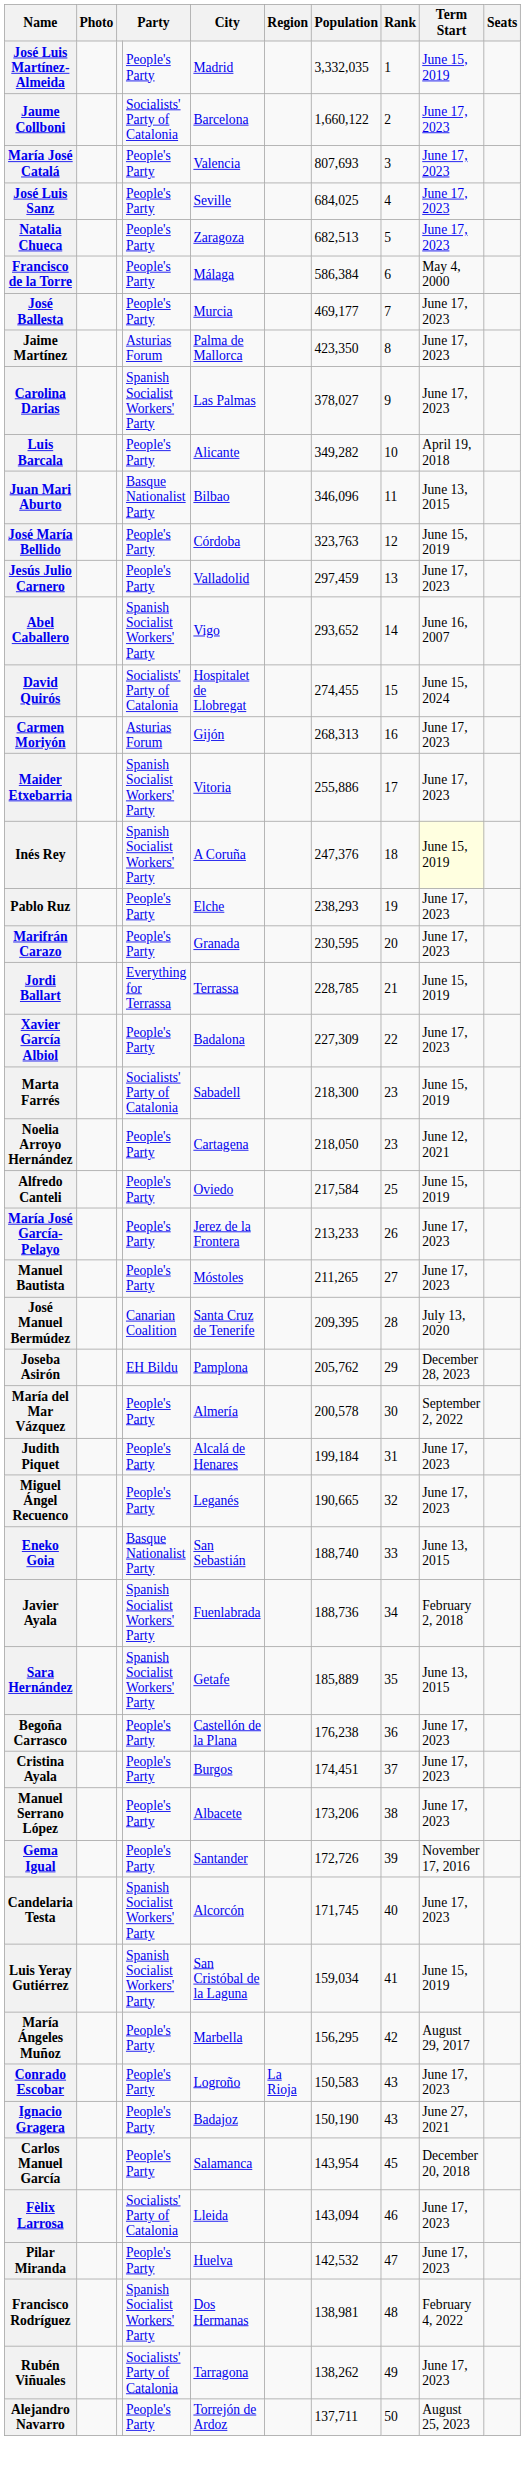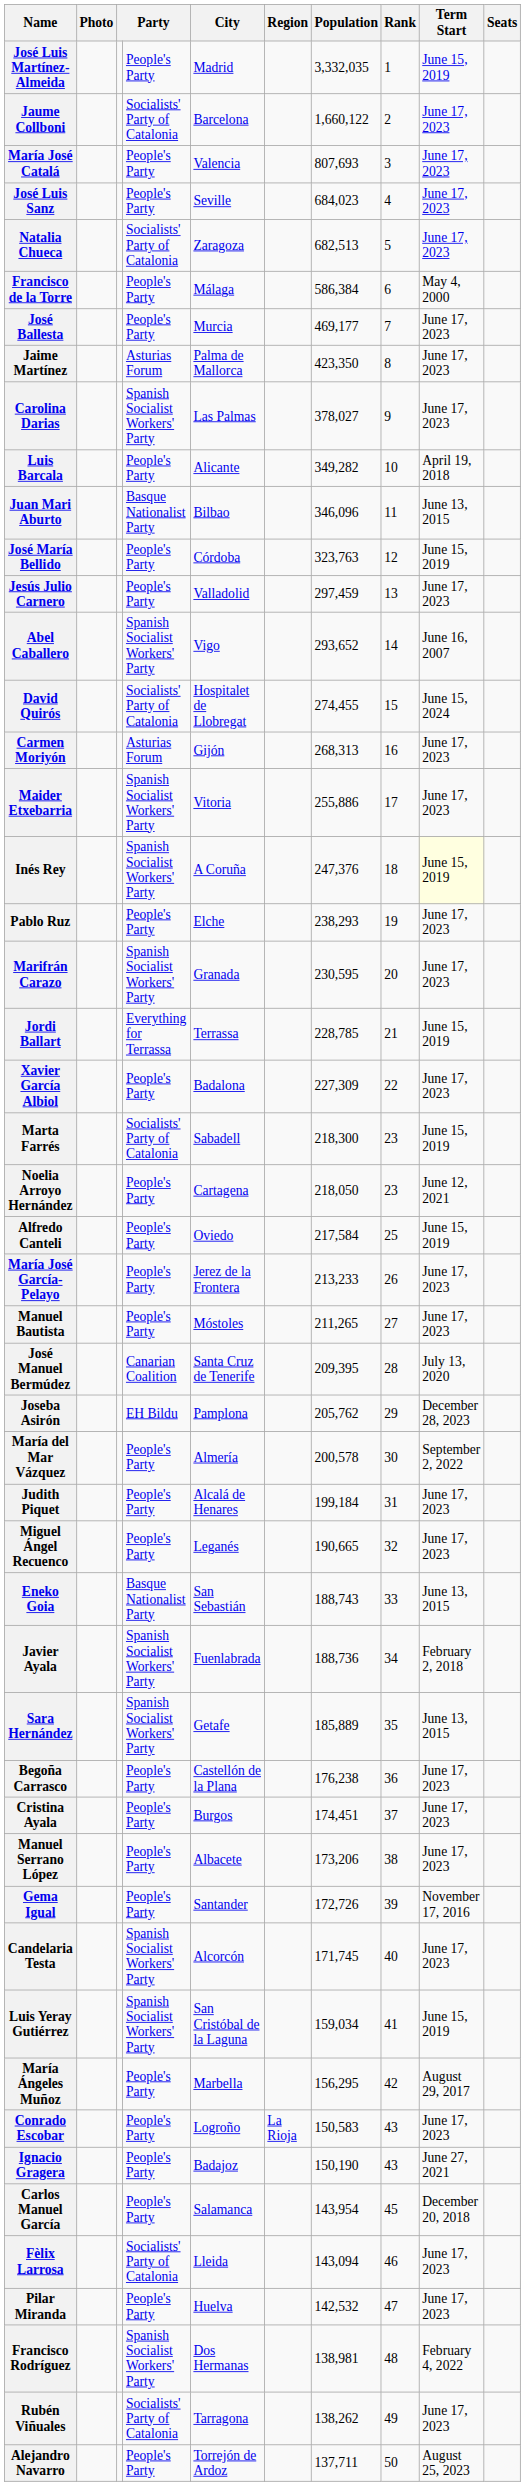 <table class="wikitable plainrowheaders sortable">
 <tr>
 <th>Name</th>
 <th>Photo</th>
 <th colspan="2">Party</th>
 <th>City</th>
 <th>Region</th>
 <th>Population</th>
 <th>Rank</th>
 <th>Term Start</th>
 <th>Seats</th>
 </tr>
 <tr>
 <th scope="row"><a href='#'>José Luis Martínez-Almeida</a></th>
 <td></td>
 <td style="background:"></td>
 <td><a href='#'>People's Party</a></td>
 <td><a href='#'>Madrid</a></td>
 <td></td>
 <td>3,332,035</td>
 <td>1</td>
 <td><a href='#'>June 15, 2019</a></td>
 <td></td>
 </tr>
 <tr>
 <th scope="row"><a href='#'>Jaume Collboni</a></th>
 <td></td>
 <td style="background:"></td>
 <td><a href='#'>Socialists' Party of Catalonia</a></td>
 <td><a href='#'>Barcelona</a></td>
 <td></td>
 <td>1,660,122</td>
 <td>2</td>
 <td><a href='#'>June 17, 2023</a></td>
 <td></td>
 </tr>
 <tr>
 <th scope="row"><a href='#'>María José Catalá</a></th>
 <td></td>
 <td style="background:"></td>
 <td><a href='#'>People's Party</a></td>
 <td><a href='#'>Valencia</a></td>
 <td></td>
 <td>807,693</td>
 <td>3</td>
 <td><a href='#'>June 17, 2023</a></td>
 <td></td>
 </tr>
 <tr>
 <th scope="row"><a href='#'>José Luis Sanz</a></th>
 <td></td>
 <td style="background:"></td>
 <td><a href='#'>People's Party</a></td>
 <td><a href='#'>Seville</a></td>
 <td></td>
-<td>684,025</td>
+<td>684,023</td>
 <td>4</td>
 <td><a href='#'>June 17, 2023</a></td>
 <td></td>
 </tr>
 <tr>
 <th scope="row"><a href='#'>Natalia Chueca</a></th>
 <td></td>
 <td style="background:"></td>
-<td><a href='#'>People's Party</a></td>
+<td><a href='#'>Socialists' Party of Catalonia</a></td>
 <td><a href='#'>Zaragoza</a></td>
 <td></td>
 <td>682,513</td>
 <td>5</td>
 <td><a href='#'>June 17, 2023</a></td>
 <td></td>
 </tr>
 <tr>
 <th scope="row"><a href='#'>Francisco de la Torre</a></th>
 <td></td>
 <td style="background:"></td>
 <td><a href='#'>People's Party</a></td>
 <td><a href='#'>Málaga</a></td>
 <td></td>
 <td>586,384</td>
 <td>6</td>
 <td>May 4, 2000</td>
 <td></td>
 </tr>
 <tr>
 <th scope="row"><a href='#'>José Ballesta</a></th>
 <td></td>
 <td style="background:"></td>
 <td><a href='#'>People's Party</a></td>
 <td><a href='#'>Murcia</a></td>
 <td></td>
 <td>469,177</td>
 <td>7</td>
 <td>June 17, 2023</td>
 <td></td>
 </tr>
 <tr>
 <th scope="row">Jaime Martínez</th>
 <td></td>
 <td style="background:"></td>
 <td><a href='#'>Asturias Forum</a></td>
 <td><a href='#'>Palma de Mallorca</a></td>
 <td></td>
 <td>423,350</td>
 <td>8</td>
 <td>June 17, 2023</td>
 <td></td>
 </tr>
 <tr>
 <th scope="row"><a href='#'>Carolina Darias</a></th>
 <td></td>
 <td style="background:"></td>
 <td><a href='#'>Spanish Socialist Workers' Party</a></td>
 <td><a href='#'>Las Palmas</a></td>
 <td></td>
 <td>378,027</td>
 <td>9</td>
 <td>June 17, 2023</td>
 <td></td>
 </tr>
 <tr>
 <th scope="row"><a href='#'>Luis Barcala</a></th>
 <td></td>
 <td style="background:"></td>
 <td><a href='#'>People's Party</a></td>
 <td><a href='#'>Alicante</a></td>
 <td></td>
 <td>349,282</td>
 <td>10</td>
 <td>April 19, 2018</td>
 <td></td>
 </tr>
 <tr>
 <th scope="row"><a href='#'>Juan Mari Aburto</a></th>
 <td></td>
 <td style="background:"></td>
 <td><a href='#'>Basque Nationalist Party</a></td>
 <td><a href='#'>Bilbao</a></td>
 <td></td>
 <td>346,096</td>
 <td>11</td>
 <td>June 13, 2015</td>
 <td></td>
 </tr>
 <tr>
 <th scope="row"><a href='#'>José María Bellido</a></th>
 <td></td>
 <td style="background:"></td>
 <td><a href='#'>People's Party</a></td>
 <td><a href='#'>Córdoba</a></td>
 <td></td>
 <td>323,763</td>
 <td>12</td>
 <td>June 15, 2019</td>
 <td></td>
 </tr>
 <tr>
 <th scope="row"><a href='#'>Jesús Julio Carnero</a></th>
 <td></td>
 <td style="background:"></td>
 <td><a href='#'>People's Party</a></td>
 <td><a href='#'>Valladolid</a></td>
 <td></td>
 <td>297,459</td>
 <td>13</td>
 <td>June 17, 2023</td>
 <td></td>
 </tr>
 <tr>
 <th scope="row"><a href='#'>Abel Caballero</a></th>
 <td></td>
 <td style="background:"></td>
 <td><a href='#'>Spanish Socialist Workers' Party</a></td>
 <td><a href='#'>Vigo</a></td>
 <td></td>
 <td>293,652</td>
 <td>14</td>
 <td>June 16, 2007</td>
 <td></td>
 </tr>
 <tr>
 <th scope="row"><a href='#'>David Quirós</a></th>
 <td></td>
 <td style="background:"></td>
 <td><a href='#'>Socialists' Party of Catalonia</a></td>
 <td><a href='#'>Hospitalet de Llobregat</a></td>
 <td></td>
 <td>274,455</td>
 <td>15</td>
 <td>June 15, 2024</td>
 <td></td>
 </tr>
 <tr>
 <th scope="row"><a href='#'>Carmen Moriyón</a></th>
 <td></td>
 <td style="background:"></td>
 <td><a href='#'>Asturias Forum</a></td>
 <td><a href='#'>Gijón</a></td>
 <td></td>
 <td>268,313</td>
 <td>16</td>
 <td>June 17, 2023</td>
 <td></td>
 </tr>
 <tr>
 <th scope="row"><a href='#'>Maider Etxebarria</a></th>
 <td></td>
 <td style="background:"></td>
 <td><a href='#'>Spanish Socialist Workers' Party</a></td>
 <td><a href='#'>Vitoria</a></td>
 <td></td>
 <td>255,886</td>
 <td>17</td>
 <td>June 17, 2023</td>
 <td></td>
 </tr>
 <tr>
 <th scope="row">Inés Rey</th>
 <td></td>
 <td style="background:"></td>
 <td><a href='#'>Spanish Socialist Workers' Party</a></td>
 <td><a href='#'>A Coruña</a></td>
 <td></td>
 <td>247,376</td>
 <td>18</td>
 <td style="background: lightyellow;">June 15, 2019</td>
 <td></td>
 </tr>
 <tr>
 <th scope="row">Pablo Ruz</th>
 <td></td>
 <td style="background:"></td>
 <td><a href='#'>People's Party</a></td>
 <td><a href='#'>Elche</a></td>
 <td></td>
 <td>238,293</td>
 <td>19</td>
 <td>June 17, 2023</td>
 <td></td>
 </tr>
 <tr>
 <th scope="row"><a href='#'>Marifrán Carazo</a></th>
 <td></td>
 <td style="background:"></td>
-<td><a href='#'>People's Party</a></td>
+<td><a href='#'>Spanish Socialist Workers' Party</a></td>
 <td><a href='#'>Granada</a></td>
 <td></td>
 <td>230,595</td>
 <td>20</td>
 <td>June 17, 2023</td>
 <td></td>
 </tr>
 <tr>
 <th scope="row"><a href='#'>Jordi Ballart</a></th>
 <td></td>
 <td style="background:"></td>
 <td><a href='#'>Everything for Terrassa</a></td>
 <td><a href='#'>Terrassa</a></td>
 <td></td>
 <td>228,785</td>
 <td>21</td>
 <td>June 15, 2019</td>
 <td></td>
 </tr>
 <tr>
 <th scope="row"><a href='#'>Xavier García Albiol</a></th>
 <td></td>
 <td style="background:"></td>
 <td><a href='#'>People's Party</a></td>
 <td><a href='#'>Badalona</a></td>
 <td></td>
 <td>227,309</td>
 <td>22</td>
 <td>June 17, 2023</td>
 <td></td>
 </tr>
 <tr>
 <th scope="row">Marta Farrés</th>
 <td></td>
 <td style="background:"></td>
 <td><a href='#'>Socialists' Party of Catalonia</a></td>
 <td><a href='#'>Sabadell</a></td>
 <td></td>
 <td>218,300</td>
 <td>23</td>
 <td>June 15, 2019</td>
 <td></td>
 </tr>
 <tr>
 <th scope="row">Noelia Arroyo Hernández</th>
 <td></td>
 <td style="background:"></td>
 <td><a href='#'>People's Party</a></td>
 <td><a href='#'>Cartagena</a></td>
 <td></td>
 <td>218,050</td>
 <td>23</td>
 <td>June 12, 2021</td>
 <td></td>
 </tr>
 <tr>
 <th scope="row">Alfredo Canteli</th>
 <td></td>
 <td style="background:"></td>
 <td><a href='#'>People's Party</a></td>
 <td><a href='#'>Oviedo</a></td>
 <td></td>
 <td>217,584</td>
 <td>25</td>
 <td>June 15, 2019</td>
 <td></td>
 </tr>
 <tr>
 <th scope="row"><a href='#'>María José García-Pelayo</a></th>
 <td></td>
 <td style="background:"></td>
 <td><a href='#'>People's Party</a></td>
 <td><a href='#'>Jerez de la Frontera</a></td>
 <td></td>
 <td>213,233</td>
 <td>26</td>
 <td>June 17, 2023</td>
 <td></td>
 </tr>
 <tr>
 <th scope="row">Manuel Bautista</th>
 <td></td>
 <td style="background:"></td>
 <td><a href='#'>People's Party</a></td>
 <td><a href='#'>Móstoles</a></td>
 <td></td>
 <td>211,265</td>
 <td>27</td>
 <td>June 17, 2023</td>
 <td></td>
 </tr>
 <tr>
 <th scope="row">José Manuel Bermúdez</th>
 <td></td>
 <td style="background:"></td>
 <td><a href='#'>Canarian Coalition</a></td>
 <td><a href='#'>Santa Cruz de Tenerife</a></td>
 <td></td>
 <td>209,395</td>
 <td>28</td>
 <td>July 13, 2020</td>
 <td></td>
 </tr>
 <tr>
 <th scope="row">Joseba Asirón</th>
 <td></td>
 <td style="background:"></td>
 <td><a href='#'>EH Bildu</a></td>
 <td><a href='#'>Pamplona</a></td>
 <td></td>
 <td>205,762</td>
 <td>29</td>
 <td>December 28, 2023</td>
 <td></td>
 </tr>
 <tr>
 <th scope="row">María del Mar Vázquez</th>
 <td></td>
 <td style="background:"></td>
 <td><a href='#'>People's Party</a></td>
 <td><a href='#'>Almería</a></td>
 <td></td>
 <td>200,578</td>
 <td>30</td>
 <td>September 2, 2022</td>
 <td></td>
 </tr>
 <tr>
 <th scope="row">Judith Piquet</th>
 <td></td>
 <td style="background:"></td>
 <td><a href='#'>People's Party</a></td>
 <td><a href='#'>Alcalá de Henares</a></td>
 <td></td>
 <td>199,184</td>
 <td>31</td>
 <td>June 17, 2023</td>
 <td></td>
 </tr>
 <tr>
 <th scope="row">Miguel Ángel Recuenco</th>
 <td></td>
 <td style="background:"></td>
 <td><a href='#'>People's Party</a></td>
 <td><a href='#'>Leganés</a></td>
 <td></td>
 <td>190,665</td>
 <td>32</td>
 <td>June 17, 2023</td>
 <td></td>
 </tr>
 <tr>
 <th scope="row"><a href='#'>Eneko Goia</a></th>
 <td></td>
 <td style="background:"></td>
 <td><a href='#'>Basque Nationalist Party</a></td>
 <td><a href='#'>San Sebastián</a></td>
 <td></td>
-<td>188,740</td>
+<td>188,743</td>
 <td>33</td>
 <td>June 13, 2015</td>
 <td></td>
 </tr>
 <tr>
 <th scope="row">Javier Ayala</th>
 <td></td>
 <td style="background:"></td>
 <td><a href='#'>Spanish Socialist Workers' Party</a></td>
 <td><a href='#'>Fuenlabrada</a></td>
 <td></td>
 <td>188,736</td>
 <td>34</td>
 <td>February 2, 2018</td>
 <td></td>
 </tr>
 <tr>
 <th scope="row"><a href='#'>Sara Hernández</a></th>
 <td></td>
 <td style="background:"></td>
 <td><a href='#'>Spanish Socialist Workers' Party</a></td>
 <td><a href='#'>Getafe</a></td>
 <td></td>
 <td>185,889</td>
 <td>35</td>
 <td>June 13, 2015</td>
 <td></td>
 </tr>
 <tr>
 <th scope="row">Begoña Carrasco</th>
 <td></td>
 <td style="background:"></td>
 <td><a href='#'>People's Party</a></td>
 <td><a href='#'>Castellón de la Plana</a></td>
 <td></td>
 <td>176,238</td>
 <td>36</td>
 <td>June 17, 2023</td>
 <td></td>
 </tr>
 <tr>
 <th scope="row">Cristina Ayala</th>
 <td></td>
 <td style="background:"></td>
 <td><a href='#'>People's Party</a></td>
 <td><a href='#'>Burgos</a></td>
 <td></td>
 <td>174,451</td>
 <td>37</td>
 <td>June 17, 2023</td>
 <td></td>
 </tr>
 <tr>
 <th scope="row">Manuel Serrano López</th>
 <td></td>
 <td style="background:"></td>
 <td><a href='#'>People's Party</a></td>
 <td><a href='#'>Albacete</a></td>
 <td></td>
 <td>173,206</td>
 <td>38</td>
 <td>June 17, 2023</td>
 <td></td>
 </tr>
 <tr>
 <th scope="row"><a href='#'>Gema Igual</a></th>
 <td></td>
 <td style="background:"></td>
 <td><a href='#'>People's Party</a></td>
 <td><a href='#'>Santander</a></td>
 <td></td>
 <td>172,726</td>
 <td>39</td>
 <td>November 17, 2016</td>
 <td></td>
 </tr>
 <tr>
 <th scope="row">Candelaria Testa</th>
 <td></td>
 <td style="background:"></td>
 <td><a href='#'>Spanish Socialist Workers' Party</a></td>
 <td><a href='#'>Alcorcón</a></td>
 <td></td>
 <td>171,745</td>
 <td>40</td>
 <td>June 17, 2023</td>
 <td></td>
 </tr>
 <tr>
 <th scope="row">Luis Yeray Gutiérrez</th>
 <td></td>
 <td style="background:"></td>
 <td><a href='#'>Spanish Socialist Workers' Party</a></td>
 <td><a href='#'>San Cristóbal de la Laguna</a></td>
 <td></td>
 <td>159,034</td>
 <td>41</td>
 <td>June 15, 2019</td>
 <td></td>
 </tr>
 <tr>
 <th scope="row">María Ángeles Muñoz</th>
 <td></td>
 <td style="background:"></td>
 <td><a href='#'>People's Party</a></td>
 <td><a href='#'>Marbella</a></td>
 <td></td>
 <td>156,295</td>
 <td>42</td>
 <td>August 29, 2017</td>
 <td></td>
 </tr>
 <tr>
 <th scope="row"><a href='#'>Conrado Escobar</a></th>
 <td></td>
 <td style="background:"></td>
 <td><a href='#'>People's Party</a></td>
 <td><a href='#'>Logroño</a></td>
 <td> <a href='#'>La Rioja</a></td>
 <td>150,583</td>
 <td>43</td>
 <td>June 17, 2023</td>
 <td></td>
 </tr>
 <tr>
 <th scope="row"><a href='#'>Ignacio Gragera</a></th>
 <td></td>
 <td style="background:"></td>
 <td><a href='#'>People's Party</a></td>
 <td><a href='#'>Badajoz</a></td>
 <td></td>
 <td>150,190</td>
 <td>43</td>
 <td>June 27, 2021</td>
 <td></td>
 </tr>
 <tr>
 <th scope="row">Carlos Manuel García</th>
 <td></td>
 <td style="background:"></td>
 <td><a href='#'>People's Party</a></td>
 <td><a href='#'>Salamanca</a></td>
 <td></td>
 <td>143,954</td>
 <td>45</td>
 <td>December 20, 2018</td>
 <td></td>
 </tr>
 <tr>
 <th scope="row"><a href='#'>Fèlix Larrosa</a></th>
 <td></td>
 <td style="background:"></td>
 <td><a href='#'>Socialists' Party of Catalonia</a></td>
 <td><a href='#'>Lleida</a></td>
 <td></td>
 <td>143,094</td>
 <td>46</td>
 <td>June 17, 2023</td>
 <td></td>
 </tr>
 <tr>
 <th scope="row">Pilar Miranda</th>
 <td></td>
 <td style="background:"></td>
 <td><a href='#'>People's Party</a></td>
 <td><a href='#'>Huelva</a></td>
 <td></td>
 <td>142,532</td>
 <td>47</td>
 <td>June 17, 2023</td>
 <td></td>
 </tr>
 <tr>
 <th scope="row">Francisco Rodríguez</th>
 <td></td>
 <td style="background:"></td>
 <td><a href='#'>Spanish Socialist Workers' Party</a></td>
 <td><a href='#'>Dos Hermanas</a></td>
 <td></td>
 <td>138,981</td>
 <td>48</td>
 <td>February 4, 2022</td>
 <td></td>
 </tr>
 <tr>
 <th scope="row">Rubén Viñuales</th>
 <td></td>
 <td style="background:"></td>
 <td><a href='#'>Socialists' Party of Catalonia</a></td>
 <td><a href='#'>Tarragona</a></td>
 <td></td>
 <td>138,262</td>
 <td>49</td>
 <td>June 17, 2023</td>
 <td></td>
 </tr>
 <tr>
 <th scope="row">Alejandro Navarro</th>
 <td></td>
 <td style="background:"></td>
 <td><a href='#'>People's Party</a></td>
 <td><a href='#'>Torrejón de Ardoz</a></td>
 <td></td>
 <td>137,711</td>
 <td>50</td>
 <td>August 25, 2023</td>
 <td></td>
 </tr>
 </table>
